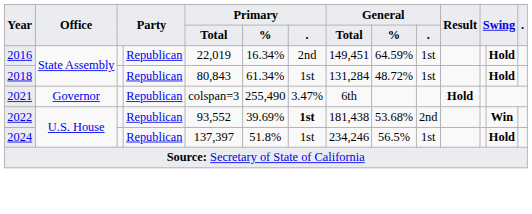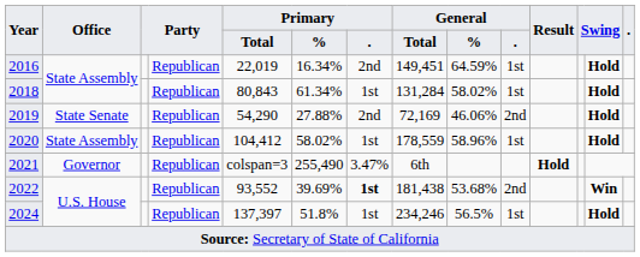 <table class="wikitable" style="font-size:90%; text-align:center;">
 <tr>
 <th style="background-color:#EAECF0;" rowspan=2>Year</th>
 <th style="background-color:#EAECF0;" rowspan=2>Office</th>
 <th style="background-color:#EAECF0;" colspan=2 rowspan=2>Party</th>
 <th style="background-color:#EAECF0;" colspan=3>Primary</th>
 <th style="background-color:#EAECF0;" colspan=3>General</th>
 <th style="background-color:#EAECF0;" rowspan=2>Result</th>
 <th style="background-color:#EAECF0;" colspan=2 rowspan=2><a href='#'>Swing</a></th>
 <th style="background-color:#EAECF0;" rowspan=2>.</th>
 </tr>
 <tr>
 <th style="background-color:#EAECF0;">Total</th>
 <th style="background-color:#EAECF0;">%</th>
 <th style="background-color:#EAECF0;">.</th>
 <th style="background-color:#EAECF0;">Total</th>
 <th style="background-color:#EAECF0;">%</th>
 <th style="background-color:#EAECF0;">.</th>
 </tr>
 <tr>
 <td style="background-color:#EAECF0;"><a href='#'>2016</a></td>
 <td rowspan=2><a href='#'>State Assembly</a></td>
 <td style="background-color:"></td>
 <td><a href='#'>Republican</a></td>
 <td>22,019</td>
 <td>16.34%</td>
 <td>2nd</td>
 <td>149,451</td>
 <td>64.59%</td>
 <td>1st</td>
 <td></td>
 <td style="background-color:"></td>
 <td><strong>Hold</strong></td>
 <td></td>
 </tr>
 <tr>
 <td style="background-color:#EAECF0;"><a href='#'>2018</a></td>
 <td style="background-color:"></td>
 <td><a href='#'>Republican</a></td>
 <td>80,843</td>
 <td>61.34%</td>
 <td>1st</td>
 <td>131,284</td>
-<td>48.72%</td>
+<td>58.02%</td>
+<td>1st</td>
+<td></td>
+<td style="background-color:"></td>
+<td><strong>Hold</strong></td>
+<td></td>
+</tr>
+<tr>
+<td style="background-color:#EAECF0;"><a href='#'>2019</a></td>
+<td><a href='#'>State Senate</a></td>
+<td style="background-color:"></td>
+<td><a href='#'>Republican</a></td>
+<td>54,290</td>
+<td>27.88%</td>
+<td>2nd</td>
+<td>72,169</td>
+<td>46.06%</td>
+<td>2nd</td>
+<td></td>
+<td style="background-color:"></td>
+<td><strong>Hold</strong></td>
+<td></td>
+</tr>
+<tr>
+<td style="background-color:#EAECF0;"><a href='#'>2020</a></td>
+<td><a href='#'>State Assembly</a></td>
+<td style="background-color:"></td>
+<td><a href='#'>Republican</a></td>
+<td>104,412</td>
+<td>58.02%</td>
+<td>1st</td>
+<td>178,559</td>
+<td>58.96%</td>
 <td>1st</td>
 <td></td>
 <td style="background-color:"></td>
 <td><strong>Hold</strong></td>
 <td></td>
 </tr>
 <tr>
 <td style="background-color:#EAECF0;"><a href='#'>2021</a></td>
 <td><a href='#'>Governor</a></td>
 <td style="background-color:"></td>
 <td><a href='#'>Republican</a></td>
 <td>colspan=3 </td>
 <td>255,490</td>
 <td>3.47%</td>
 <td>6th</td>
 <td></td>
 <td style="background-color:"></td>
 <td><strong>Hold</strong></td>
 <td></td>
 </tr>
 <tr>
 <td style="background-color:#EAECF0;"><a href='#'>2022</a></td>
 <td rowspan="2"><a href='#'>U.S. House</a></td>
 <td style="background-color:"></td>
 <td><a href='#'>Republican</a></td>
 <td>93,552</td>
 <td>39.69%</td>
 <td><strong>1st</strong></td>
 <td>181,438</td>
 <td>53.68%</td>
 <td>2nd</td>
 <td></td>
 <td style="background-color:"></td>
 <td><strong>Win</strong></td>
 <td></td>
 </tr>
 <tr>
 <td style="background-color:#EAECF0;"><a href='#'>2024</a></td>
 <td style="background-color:"></td>
 <td><a href='#'>Republican</a></td>
 <td>137,397</td>
 <td>51.8%</td>
 <td>1st</td>
 <td>234,246</td>
 <td>56.5%</td>
 <td>1st</td>
 <td></td>
 <td style="background-color:"></td>
 <td><strong>Hold</strong></td>
 <td></td>
 </tr>
 <tr>
 <td style="background-color:#EAECF0;" colspan=14><strong>Source:</strong> <a href='#'>Secretary of State of California</a>  </td>
 </tr>
 </table>
